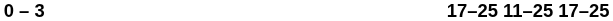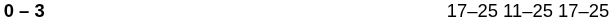 <table width=100% cellspacing=1>
 <tr>
 <th width=20%></th>
 <th width=12%></th>
 <th width=20%></th>
 <th width=33%></th>
 <td></td>
 </tr>
 <tr style=font-size:90%>
 <td align=right></td>
 <td align=center><strong>0 – 3</strong></td>
 <td><strong></strong></td>
-<td><strong>17–25 11–25 17–25</strong></td>
+<td>17–25 11–25 17–25</td>
 </tr>
 </table>
